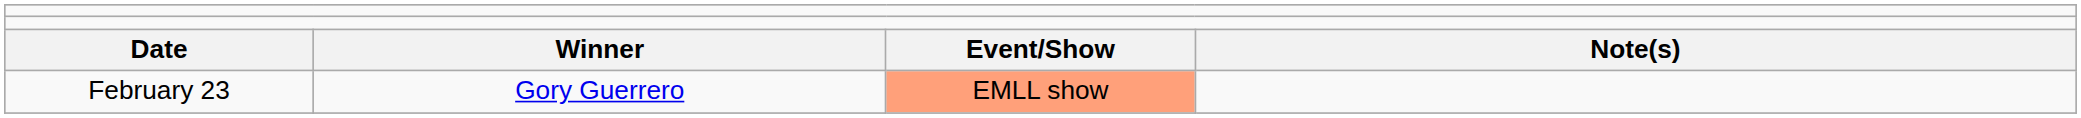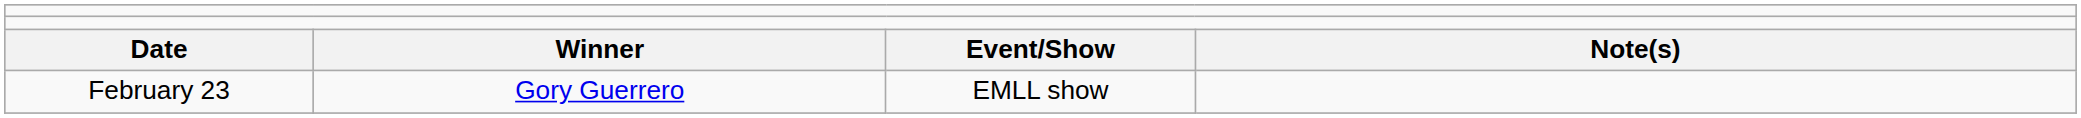 <table class="wikitable" style="text-align:center; width:100%;">
 <tr>
 <td colspan=5></td>
 </tr>
 <tr>
 <td colspan=5><strong></strong></td>
 </tr>
 <tr>
 <th width=14%>Date</th>
 <th width=26%>Winner</th>
 <th width=14%>Event/Show</th>
 <th width=40%>Note(s)</th>
 </tr>
 <tr>
 <td>February 23</td>
 <td><a href='#'>Gory Guerrero</a></td>
-<td style="background: lightsalmon;">EMLL show</td>
+<td>EMLL show</td>
 <td></td>
 </tr>
 </table>
